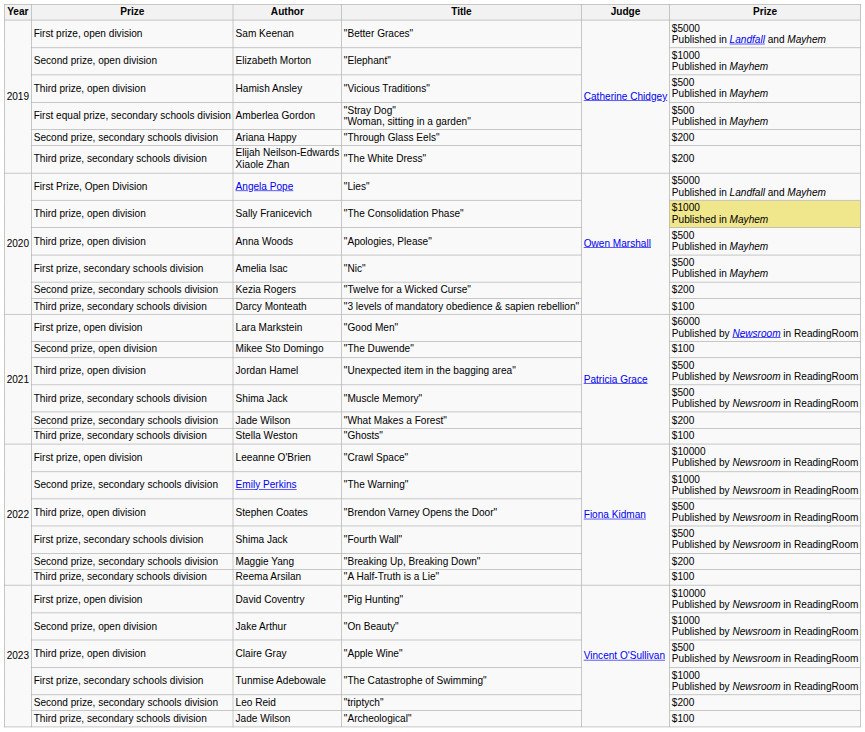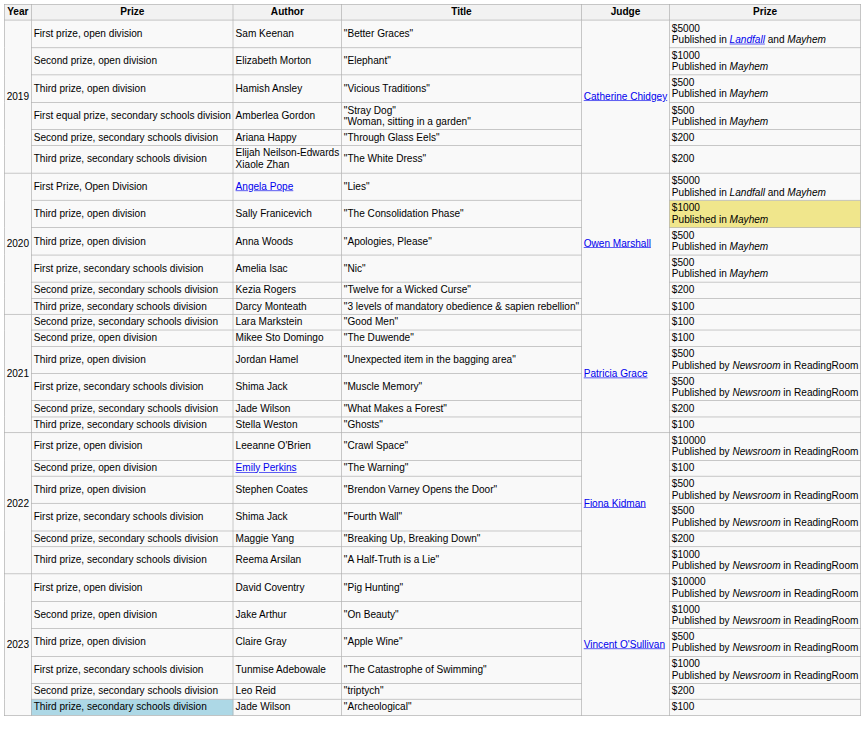 <table class="wikitable">
 <tr>
 <th>Year</th>
 <th>Prize</th>
 <th>Author</th>
 <th>Title</th>
 <th>Judge</th>
 <th>Prize</th>
 </tr>
 <tr>
 <td colspan="1" rowspan="6">2019</td>
 <td>First prize, open division</td>
 <td>Sam Keenan</td>
 <td>"Better Graces"</td>
 <td colspan="1" rowspan="6"><a href='#'>Catherine Chidgey</a></td>
 <td>$5000<br>Published in <a href='#'><em>Landfall</em></a> and <em>Mayhem</em></td>
 </tr>
 <tr>
 <td>Second prize, open division</td>
 <td>Elizabeth Morton</td>
 <td>"Elephant"</td>
 <td>$1000<br>Published in <em>Mayhem</em></td>
 </tr>
 <tr>
 <td>Third prize, open division</td>
 <td>Hamish Ansley</td>
 <td>"Vicious Traditions"</td>
 <td>$500<br>Published in <em>Mayhem</em></td>
 </tr>
 <tr>
 <td>First equal prize, secondary schools division</td>
 <td>Amberlea Gordon</td>
 <td>"Stray Dog"<br>"Woman, sitting in a garden"</td>
 <td>$500<br>Published in <em>Mayhem</em></td>
 </tr>
 <tr>
 <td>Second prize, secondary schools division</td>
 <td>Ariana Happy</td>
 <td>"Through Glass Eels"</td>
 <td>$200</td>
 </tr>
 <tr>
 <td>Third prize, secondary schools division</td>
 <td>Elijah Neilson-Edwards<br>Xiaole Zhan</td>
 <td>"The White Dress"</td>
 <td>$200</td>
 </tr>
 <tr>
 <td colspan="1" rowspan="6">2020</td>
 <td>First Prize, Open Division</td>
 <td><a href='#'>Angela Pope</a></td>
 <td>"Lies"</td>
 <td colspan="1" rowspan="6"><a href='#'>Owen Marshall</a></td>
 <td>$5000<br>Published in <em>Landfall</em> and <em>Mayhem</em></td>
 </tr>
 <tr>
 <td>Third prize, open division</td>
 <td>Sally Franicevich</td>
 <td>"The Consolidation Phase"</td>
 <td style="background: khaki;">$1000<br>Published in <em>Mayhem</em></td>
 </tr>
 <tr>
 <td>Third prize, open division</td>
 <td>Anna Woods</td>
 <td>"Apologies, Please"</td>
 <td>$500<br>Published in <em>Mayhem</em></td>
 </tr>
 <tr>
 <td>First prize, secondary schools division</td>
 <td>Amelia Isac</td>
 <td>"Nic"</td>
 <td>$500<br>Published in <em>Mayhem</em></td>
 </tr>
 <tr>
 <td>Second prize, secondary schools division</td>
 <td>Kezia Rogers</td>
 <td>"Twelve for a Wicked Curse"</td>
 <td>$200</td>
 </tr>
 <tr>
 <td>Third prize, secondary schools division</td>
 <td>Darcy Monteath</td>
 <td>"3 levels of mandatory obedience & sapien rebellion"</td>
 <td>$100</td>
 </tr>
 <tr>
 <td rowspan="6">2021</td>
-<td>First prize, open division</td>
+<td>Second prize, secondary schools division</td>
 <td>Lara Markstein</td>
 <td>"Good Men"</td>
 <td colspan="1" rowspan="6"><a href='#'>Patricia Grace</a></td>
-<td>$6000<br>Published by <em><a href='#'>Newsroom</a></em> in ReadingRoom</td>
+<td>$100</td>
 </tr>
 <tr>
 <td>Second prize, open division</td>
 <td>Mikee Sto Domingo</td>
 <td>"The Duwende"</td>
 <td>$100</td>
 </tr>
 <tr>
 <td>Third prize, open division</td>
 <td>Jordan Hamel</td>
 <td>"Unexpected item in the bagging area"</td>
 <td>$500<br>Published by <em>Newsroom</em> in ReadingRoom</td>
 </tr>
 <tr>
-<td>Third prize, secondary schools division</td>
+<td>First prize, secondary schools division</td>
 <td>Shima Jack</td>
 <td>"Muscle Memory"</td>
 <td>$500<br>Published by <em>Newsroom</em> in ReadingRoom</td>
 </tr>
 <tr>
 <td>Second prize, secondary schools division</td>
 <td>Jade Wilson</td>
 <td>"What Makes a Forest"</td>
 <td>$200</td>
 </tr>
 <tr>
 <td>Third prize, secondary schools division</td>
 <td>Stella Weston</td>
 <td>"Ghosts"</td>
 <td>$100</td>
 </tr>
 <tr>
 <td colspan="1" rowspan="6">2022</td>
 <td>First prize, open division</td>
 <td>Leeanne O'Brien</td>
 <td>"Crawl Space"</td>
 <td colspan="1" rowspan="6"><a href='#'>Fiona Kidman</a></td>
 <td>$10000<br>Published by <em>Newsroom</em> in ReadingRoom</td>
 </tr>
 <tr>
-<td>Second prize, secondary schools division</td>
+<td>Second prize, open division</td>
 <td><a href='#'>Emily Perkins</a></td>
 <td>"The Warning"</td>
-<td>$1000<br>Published by <em>Newsroom</em> in ReadingRoom</td>
+<td>$100</td>
 </tr>
 <tr>
 <td>Third prize, open division</td>
 <td>Stephen Coates</td>
 <td>"Brendon Varney Opens the Door"</td>
 <td>$500<br>Published by <em>Newsroom</em> in ReadingRoom</td>
 </tr>
 <tr>
 <td>First prize, secondary schools division</td>
 <td>Shima Jack</td>
 <td>"Fourth Wall"</td>
 <td>$500<br>Published by <em>Newsroom</em> in ReadingRoom</td>
 </tr>
 <tr>
 <td>Second prize, secondary schools division</td>
 <td>Maggie Yang</td>
 <td>"Breaking Up, Breaking Down"</td>
 <td>$200</td>
 </tr>
 <tr>
 <td>Third prize, secondary schools division</td>
 <td>Reema Arsilan</td>
 <td>"A Half-Truth is a Lie"</td>
-<td>$100</td>
+<td>$1000<br>Published by <em>Newsroom</em> in ReadingRoom</td>
 </tr>
 <tr>
 <td colspan="1" rowspan="6">2023</td>
 <td>First prize, open division</td>
 <td>David Coventry</td>
 <td>"Pig Hunting"</td>
 <td colspan="1" rowspan="6"><a href='#'>Vincent O'Sullivan</a></td>
 <td>$10000<br>Published by <em>Newsroom</em> in ReadingRoom</td>
 </tr>
 <tr>
 <td>Second prize, open division</td>
 <td>Jake Arthur</td>
 <td>"On Beauty"</td>
 <td>$1000<br>Published by <em>Newsroom</em> in ReadingRoom</td>
 </tr>
 <tr>
 <td>Third prize, open division</td>
 <td>Claire Gray</td>
 <td>"Apple Wine"</td>
 <td>$500<br>Published by <em>Newsroom</em> in ReadingRoom</td>
 </tr>
 <tr>
 <td>First prize, secondary schools division</td>
 <td>Tunmise Adebowale</td>
 <td>"The Catastrophe of Swimming"</td>
 <td>$1000<br>Published by <em>Newsroom</em> in ReadingRoom</td>
 </tr>
 <tr>
 <td>Second prize, secondary schools division</td>
 <td>Leo Reid</td>
 <td>"triptych"</td>
 <td>$200</td>
 </tr>
 <tr>
-<td>Third prize, secondary schools division</td>
+<td style="background: lightblue;">Third prize, secondary schools division</td>
 <td>Jade Wilson</td>
 <td>"Archeological"</td>
 <td>$100</td>
 </tr>
 </table>
